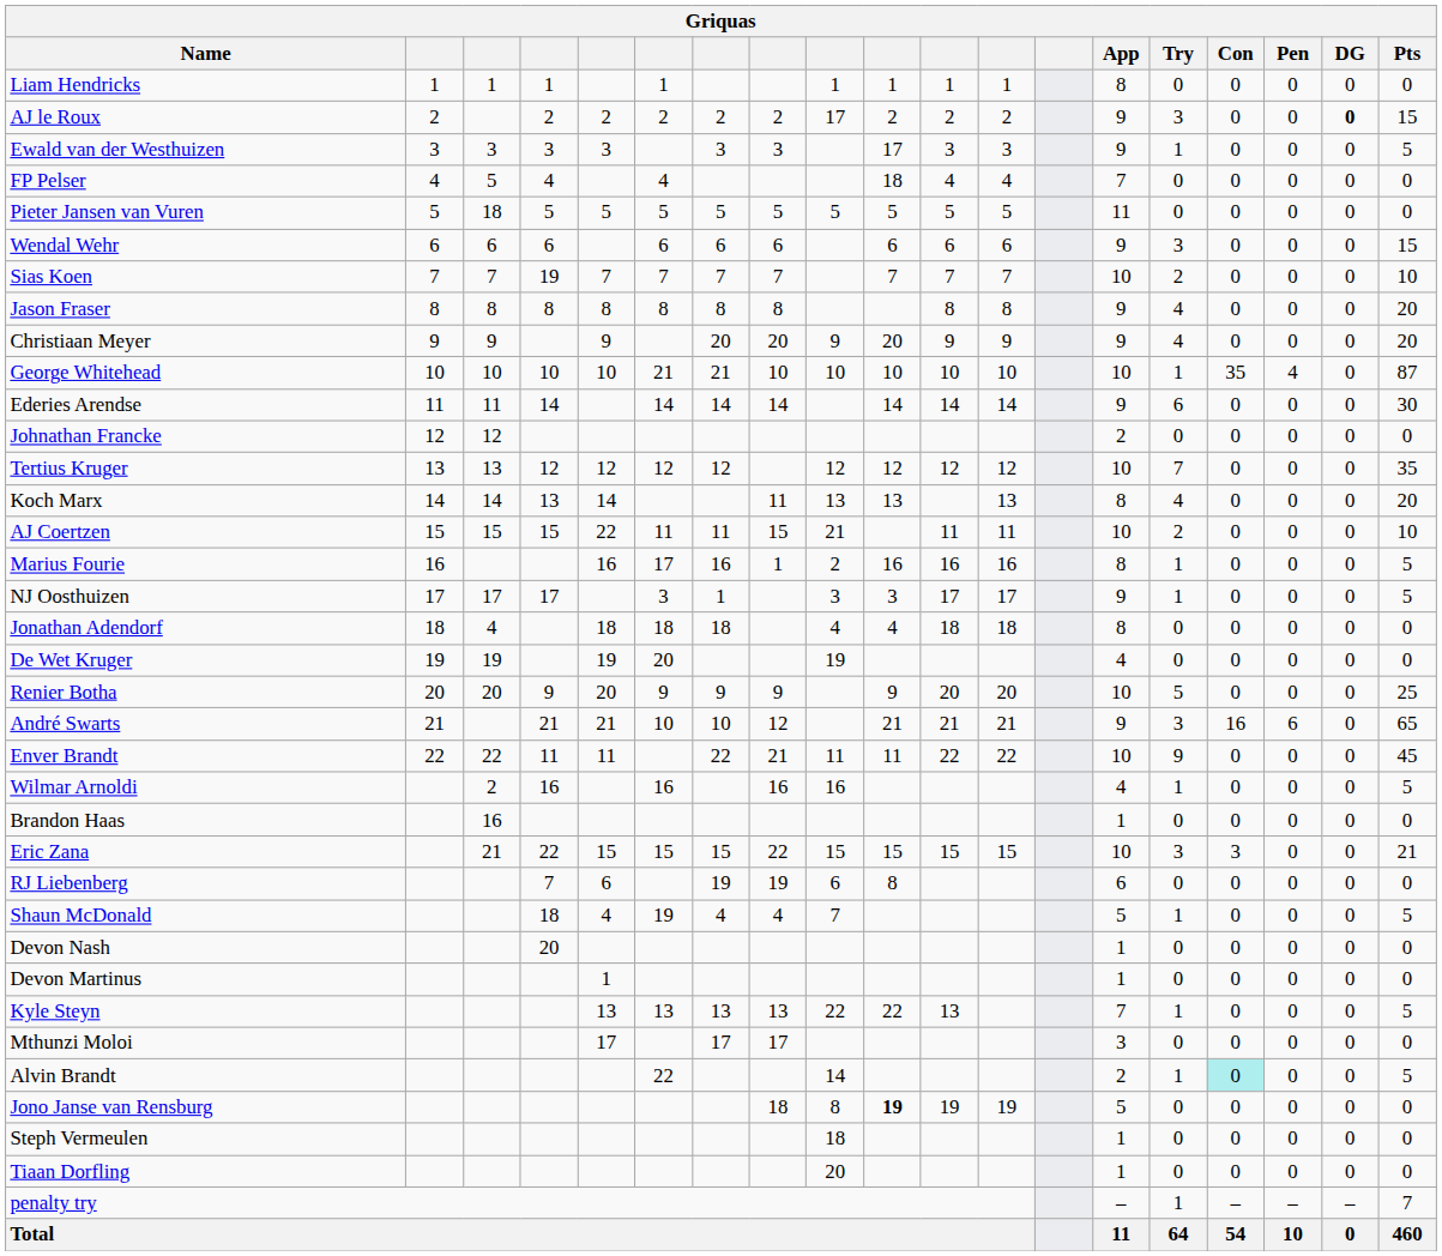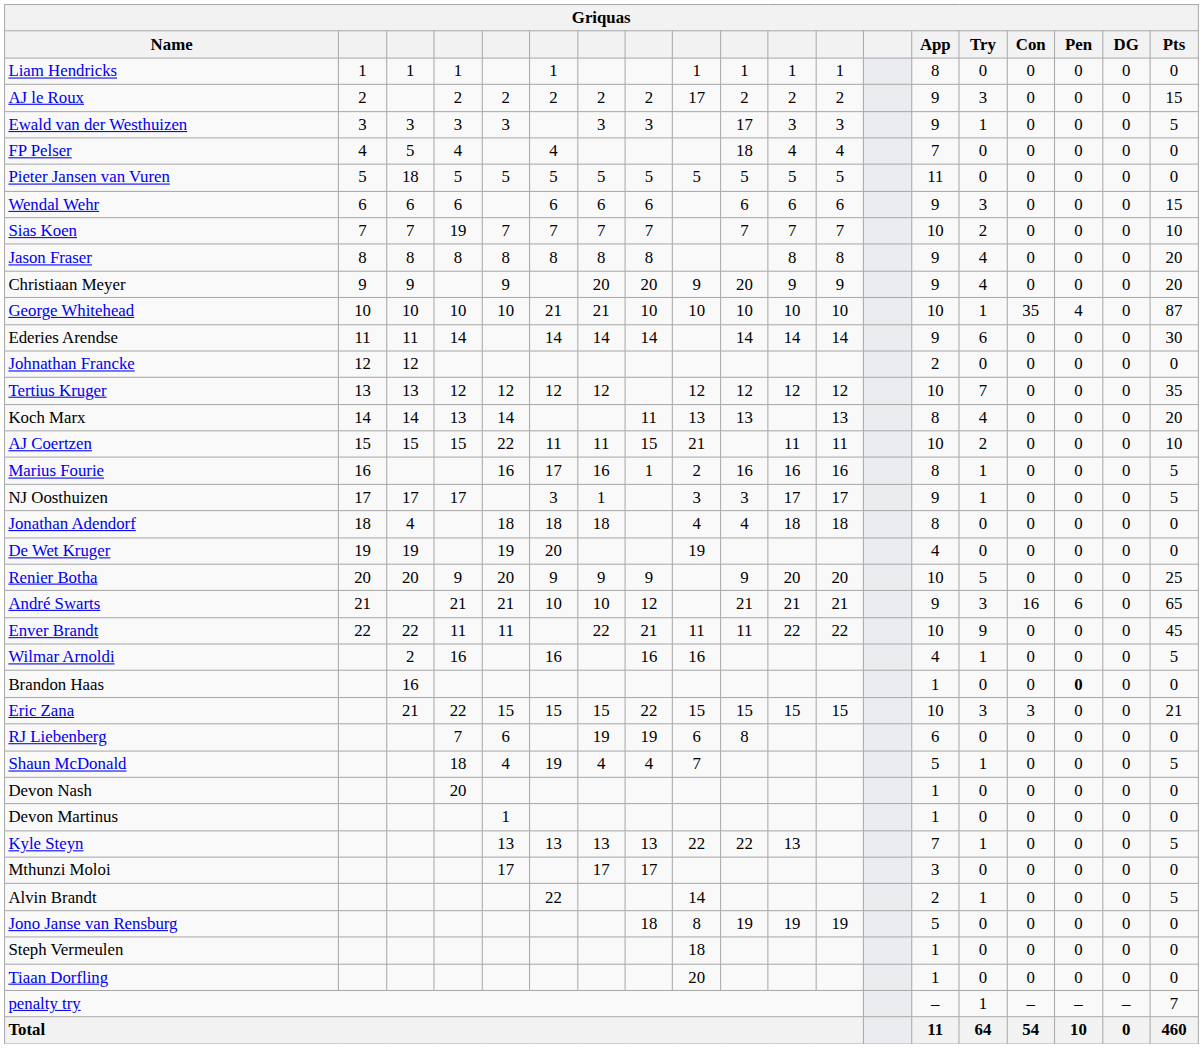 <table class="wikitable collapsible collapsed" style="text-align:center; font-size:100%; width:90%">
 <tr>
 <th colspan="100%">Griquas</th>
 </tr>
 <tr>
 <th style="width:28%;">Name</th>
 <th style="width:4%;"></th>
 <th style="width:4%;"></th>
 <th style="width:4%;"></th>
 <th style="width:4%;"></th>
 <th style="width:4%;"></th>
 <th style="width:4%;"></th>
 <th style="width:4%;"></th>
 <th style="width:4%;"></th>
 <th style="width:4%;"></th>
 <th style="width:4%;"></th>
 <th style="width:4%;"></th>
 <th style="width:4%;"></th>
 <th style="width:4%;">App</th>
 <th style="width:4%;">Try</th>
 <th style="width:4%;">Con</th>
 <th style="width:4%;">Pen</th>
 <th style="width:4%;">DG</th>
 <th style="width:4%;">Pts</th>
 </tr>
 <tr>
 <td style="text-align:left;"><a href='#'>Liam Hendricks</a></td>
 <td>1</td>
 <td>1</td>
 <td>1</td>
 <td></td>
 <td>1</td>
 <td></td>
 <td></td>
 <td>1</td>
 <td>1</td>
 <td>1</td>
 <td>1</td>
 <td style="background:#EBECF0;"></td>
 <td>8</td>
 <td>0</td>
 <td>0</td>
 <td>0</td>
 <td>0</td>
 <td>0</td>
 </tr>
 <tr>
 <td style="text-align:left;"><a href='#'>AJ le Roux</a></td>
 <td>2</td>
 <td></td>
 <td>2</td>
 <td>2</td>
 <td>2</td>
 <td>2</td>
 <td>2</td>
 <td>17</td>
 <td>2</td>
 <td>2</td>
 <td>2</td>
 <td style="background:#EBECF0;"></td>
 <td>9</td>
 <td>3</td>
 <td>0</td>
 <td>0</td>
-<td><strong>0</strong></td>
+<td>0</td>
 <td>15</td>
 </tr>
 <tr>
 <td style="text-align:left;"><a href='#'>Ewald van der Westhuizen</a></td>
 <td>3</td>
 <td>3</td>
 <td>3</td>
 <td>3</td>
 <td></td>
 <td>3</td>
 <td>3</td>
 <td></td>
 <td>17 </td>
 <td>3</td>
 <td>3</td>
 <td style="background:#EBECF0;"></td>
 <td>9</td>
 <td>1</td>
 <td>0</td>
 <td>0</td>
 <td>0</td>
 <td>5</td>
 </tr>
 <tr>
 <td style="text-align:left;"><a href='#'>FP Pelser</a></td>
 <td>4</td>
 <td>5</td>
 <td>4</td>
 <td></td>
 <td>4</td>
 <td></td>
 <td></td>
 <td></td>
 <td>18 </td>
 <td>4</td>
 <td>4</td>
 <td style="background:#EBECF0;"></td>
 <td>7</td>
 <td>0</td>
 <td>0</td>
 <td>0</td>
 <td>0</td>
 <td>0</td>
 </tr>
 <tr>
 <td style="text-align:left;"><a href='#'>Pieter Jansen van Vuren</a></td>
 <td>5</td>
 <td>18 </td>
 <td>5</td>
 <td>5</td>
 <td>5</td>
 <td>5</td>
 <td>5</td>
 <td>5</td>
 <td>5</td>
 <td>5</td>
 <td>5</td>
 <td style="background:#EBECF0;"></td>
 <td>11</td>
 <td>0</td>
 <td>0</td>
 <td>0</td>
 <td>0</td>
 <td>0</td>
 </tr>
 <tr>
 <td style="text-align:left;"><a href='#'>Wendal Wehr</a></td>
 <td>6</td>
 <td>6</td>
 <td>6</td>
 <td></td>
 <td>6</td>
 <td>6</td>
 <td>6</td>
 <td></td>
 <td>6</td>
 <td>6</td>
 <td>6</td>
 <td style="background:#EBECF0;"></td>
 <td>9</td>
 <td>3</td>
 <td>0</td>
 <td>0</td>
 <td>0</td>
 <td>15</td>
 </tr>
 <tr>
 <td style="text-align:left;"><a href='#'>Sias Koen</a></td>
 <td>7</td>
 <td>7</td>
 <td>19 </td>
 <td>7</td>
 <td>7</td>
 <td>7</td>
 <td>7</td>
 <td></td>
 <td>7</td>
 <td>7</td>
 <td>7</td>
 <td style="background:#EBECF0;"></td>
 <td>10</td>
 <td>2</td>
 <td>0</td>
 <td>0</td>
 <td>0</td>
 <td>10</td>
 </tr>
 <tr>
 <td style="text-align:left;"><a href='#'>Jason Fraser</a></td>
 <td>8</td>
 <td>8</td>
 <td>8</td>
 <td>8</td>
 <td>8</td>
 <td>8</td>
 <td>8</td>
 <td></td>
 <td></td>
 <td>8</td>
 <td>8</td>
 <td style="background:#EBECF0;"></td>
 <td>9</td>
 <td>4</td>
 <td>0</td>
 <td>0</td>
 <td>0</td>
 <td>20</td>
 </tr>
 <tr>
 <td style="text-align:left;">Christiaan Meyer</td>
 <td>9</td>
 <td>9</td>
 <td></td>
 <td>9</td>
 <td></td>
 <td>20 </td>
 <td>20 </td>
 <td>9</td>
 <td>20 </td>
 <td>9</td>
 <td>9</td>
 <td style="background:#EBECF0;"></td>
 <td>9</td>
 <td>4</td>
 <td>0</td>
 <td>0</td>
 <td>0</td>
 <td>20</td>
 </tr>
 <tr>
 <td style="text-align:left;"><a href='#'>George Whitehead</a></td>
 <td>10</td>
 <td>10</td>
 <td>10</td>
 <td>10</td>
 <td>21</td>
 <td>21 </td>
 <td>10</td>
 <td>10</td>
 <td>10</td>
 <td>10</td>
 <td>10</td>
 <td style="background:#EBECF0;"></td>
 <td>10</td>
 <td>1</td>
 <td>35</td>
 <td>4</td>
 <td>0</td>
 <td>87</td>
 </tr>
 <tr>
 <td style="text-align:left;">Ederies Arendse</td>
 <td>11</td>
 <td>11</td>
 <td>14</td>
 <td></td>
 <td>14</td>
 <td>14</td>
 <td>14</td>
 <td></td>
 <td>14</td>
 <td>14</td>
 <td>14</td>
 <td style="background:#EBECF0;"></td>
 <td>9</td>
 <td>6</td>
 <td>0</td>
 <td>0</td>
 <td>0</td>
 <td>30</td>
 </tr>
 <tr>
 <td style="text-align:left;"><a href='#'>Johnathan Francke</a></td>
 <td>12</td>
 <td>12</td>
 <td></td>
 <td></td>
 <td></td>
 <td></td>
 <td></td>
 <td></td>
 <td></td>
 <td></td>
 <td></td>
 <td style="background:#EBECF0;"></td>
 <td>2</td>
 <td>0</td>
 <td>0</td>
 <td>0</td>
 <td>0</td>
 <td>0</td>
 </tr>
 <tr>
 <td style="text-align:left;"><a href='#'>Tertius Kruger</a></td>
 <td>13</td>
 <td>13</td>
 <td>12</td>
 <td>12</td>
 <td>12</td>
 <td>12</td>
 <td></td>
 <td>12</td>
 <td>12</td>
 <td>12</td>
 <td>12</td>
 <td style="background:#EBECF0;"></td>
 <td>10</td>
 <td>7</td>
 <td>0</td>
 <td>0</td>
 <td>0</td>
 <td>35</td>
 </tr>
 <tr>
 <td style="text-align:left;">Koch Marx</td>
 <td>14</td>
 <td>14</td>
 <td>13</td>
 <td>14</td>
 <td></td>
 <td></td>
 <td>11</td>
 <td>13</td>
 <td>13</td>
 <td></td>
 <td>13</td>
 <td style="background:#EBECF0;"></td>
 <td>8</td>
 <td>4</td>
 <td>0</td>
 <td>0</td>
 <td>0</td>
 <td>20</td>
 </tr>
 <tr>
 <td style="text-align:left;"><a href='#'>AJ Coertzen</a></td>
 <td>15</td>
 <td>15</td>
 <td>15</td>
 <td>22 </td>
 <td>11</td>
 <td>11</td>
 <td>15</td>
 <td>21 </td>
 <td></td>
 <td>11</td>
 <td>11</td>
 <td style="background:#EBECF0;"></td>
 <td>10</td>
 <td>2</td>
 <td>0</td>
 <td>0</td>
 <td>0</td>
 <td>10</td>
 </tr>
 <tr>
 <td style="text-align:left;"><a href='#'>Marius Fourie</a></td>
 <td>16 </td>
 <td></td>
 <td></td>
 <td>16 </td>
 <td>17</td>
 <td>16 </td>
 <td>1</td>
 <td>2</td>
 <td>16 </td>
 <td>16 </td>
 <td>16 </td>
 <td style="background:#EBECF0;"></td>
 <td>8</td>
 <td>1</td>
 <td>0</td>
 <td>0</td>
 <td>0</td>
 <td>5</td>
 </tr>
 <tr>
 <td style="text-align:left;">NJ Oosthuizen</td>
 <td>17 </td>
 <td>17 </td>
 <td>17 </td>
 <td></td>
 <td>3</td>
 <td>1</td>
 <td></td>
 <td>3</td>
 <td>3</td>
 <td>17 </td>
 <td>17 </td>
 <td style="background:#EBECF0;"></td>
 <td>9</td>
 <td>1</td>
 <td>0</td>
 <td>0</td>
 <td>0</td>
 <td>5</td>
 </tr>
 <tr>
 <td style="text-align:left;"><a href='#'>Jonathan Adendorf</a></td>
 <td>18 </td>
 <td>4</td>
 <td></td>
 <td>18 </td>
 <td>18</td>
 <td>18 </td>
 <td></td>
 <td>4</td>
 <td>4</td>
 <td>18 </td>
 <td>18 </td>
 <td style="background:#EBECF0;"></td>
 <td>8</td>
 <td>0</td>
 <td>0</td>
 <td>0</td>
 <td>0</td>
 <td>0</td>
 </tr>
 <tr>
 <td style="text-align:left;"><a href='#'>De Wet Kruger</a></td>
 <td>19 </td>
 <td>19 </td>
 <td></td>
 <td>19 </td>
 <td>20</td>
 <td></td>
 <td></td>
 <td>19 </td>
 <td></td>
 <td></td>
 <td></td>
 <td style="background:#EBECF0;"></td>
 <td>4</td>
 <td>0</td>
 <td>0</td>
 <td>0</td>
 <td>0</td>
 <td>0</td>
 </tr>
 <tr>
 <td style="text-align:left;"><a href='#'>Renier Botha</a></td>
 <td>20 </td>
 <td>20 </td>
 <td>9</td>
 <td>20 </td>
 <td>9</td>
 <td>9</td>
 <td>9</td>
 <td></td>
 <td>9</td>
 <td>20 </td>
 <td>20 </td>
 <td style="background:#EBECF0;"></td>
 <td>10</td>
 <td>5</td>
 <td>0</td>
 <td>0</td>
 <td>0</td>
 <td>25</td>
 </tr>
 <tr>
 <td style="text-align:left;"><a href='#'>André Swarts</a></td>
 <td>21 </td>
 <td></td>
 <td>21 </td>
 <td>21 </td>
 <td>10</td>
 <td>10</td>
 <td>12</td>
 <td></td>
 <td>21 </td>
 <td>21 </td>
 <td>21 </td>
 <td style="background:#EBECF0;"></td>
 <td>9</td>
 <td>3</td>
 <td>16</td>
 <td>6</td>
 <td>0</td>
 <td>65</td>
 </tr>
 <tr>
 <td style="text-align:left;"><a href='#'>Enver Brandt</a></td>
 <td>22 </td>
 <td>22 </td>
 <td>11</td>
 <td>11</td>
 <td></td>
 <td>22 </td>
 <td>21 </td>
 <td>11</td>
 <td>11</td>
 <td>22 </td>
 <td>22 </td>
 <td style="background:#EBECF0;"></td>
 <td>10</td>
 <td>9</td>
 <td>0</td>
 <td>0</td>
 <td>0</td>
 <td>45</td>
 </tr>
 <tr>
 <td style="text-align:left;"><a href='#'>Wilmar Arnoldi</a></td>
 <td></td>
 <td>2</td>
 <td>16 </td>
 <td></td>
 <td>16</td>
 <td></td>
 <td>16 </td>
 <td>16 </td>
 <td></td>
 <td></td>
 <td></td>
 <td style="background:#EBECF0;"></td>
 <td>4</td>
 <td>1</td>
 <td>0</td>
 <td>0</td>
 <td>0</td>
 <td>5</td>
 </tr>
 <tr>
 <td style="text-align:left;">Brandon Haas</td>
 <td></td>
 <td>16 </td>
 <td></td>
 <td></td>
 <td></td>
 <td></td>
 <td></td>
 <td></td>
 <td></td>
 <td></td>
 <td></td>
 <td style="background:#EBECF0;"></td>
 <td>1</td>
 <td>0</td>
 <td>0</td>
-<td>0</td>
+<td><strong>0</strong></td>
 <td>0</td>
 <td>0</td>
 </tr>
 <tr>
 <td style="text-align:left;"><a href='#'>Eric Zana</a></td>
 <td></td>
 <td>21 </td>
 <td>22 </td>
 <td>15</td>
 <td>15</td>
 <td>15</td>
 <td>22 </td>
 <td>15</td>
 <td>15</td>
 <td>15</td>
 <td>15</td>
 <td style="background:#EBECF0;"></td>
 <td>10</td>
 <td>3</td>
 <td>3</td>
 <td>0</td>
 <td>0</td>
 <td>21</td>
 </tr>
 <tr>
 <td style="text-align:left;"><a href='#'>RJ Liebenberg</a></td>
 <td></td>
 <td></td>
 <td>7</td>
 <td>6</td>
 <td></td>
 <td>19 </td>
 <td>19 </td>
 <td>6</td>
 <td>8</td>
 <td></td>
 <td></td>
 <td style="background:#EBECF0;"></td>
 <td>6</td>
 <td>0</td>
 <td>0</td>
 <td>0</td>
 <td>0</td>
 <td>0</td>
 </tr>
 <tr>
 <td style="text-align:left;"><a href='#'>Shaun McDonald</a></td>
 <td></td>
 <td></td>
 <td>18 </td>
 <td>4</td>
 <td>19</td>
 <td>4</td>
 <td>4</td>
 <td>7</td>
 <td></td>
 <td></td>
 <td></td>
 <td style="background:#EBECF0;"></td>
 <td>5</td>
 <td>1</td>
 <td>0</td>
 <td>0</td>
 <td>0</td>
 <td>5</td>
 </tr>
 <tr>
 <td style="text-align:left;">Devon Nash</td>
 <td></td>
 <td></td>
 <td>20 </td>
 <td></td>
 <td></td>
 <td></td>
 <td></td>
 <td></td>
 <td></td>
 <td></td>
 <td></td>
 <td style="background:#EBECF0;"></td>
 <td>1</td>
 <td>0</td>
 <td>0</td>
 <td>0</td>
 <td>0</td>
 <td>0</td>
 </tr>
 <tr>
 <td style="text-align:left;">Devon Martinus</td>
 <td></td>
 <td></td>
 <td></td>
 <td>1</td>
 <td></td>
 <td></td>
 <td></td>
 <td></td>
 <td></td>
 <td></td>
 <td></td>
 <td style="background:#EBECF0;"></td>
 <td>1</td>
 <td>0</td>
 <td>0</td>
 <td>0</td>
 <td>0</td>
 <td>0</td>
 </tr>
 <tr>
 <td style="text-align:left;"><a href='#'>Kyle Steyn</a></td>
 <td></td>
 <td></td>
 <td></td>
 <td>13</td>
 <td>13</td>
 <td>13</td>
 <td>13</td>
 <td>22 </td>
 <td>22 </td>
 <td>13</td>
 <td></td>
 <td style="background:#EBECF0;"></td>
 <td>7</td>
 <td>1</td>
 <td>0</td>
 <td>0</td>
 <td>0</td>
 <td>5</td>
 </tr>
 <tr>
 <td style="text-align:left;">Mthunzi Moloi</td>
 <td></td>
 <td></td>
 <td></td>
 <td>17 </td>
 <td></td>
 <td>17 </td>
 <td>17 </td>
 <td></td>
 <td></td>
 <td></td>
 <td></td>
 <td style="background:#EBECF0;"></td>
 <td>3</td>
 <td>0</td>
 <td>0</td>
 <td>0</td>
 <td>0</td>
 <td>0</td>
 </tr>
 <tr>
 <td style="text-align:left;">Alvin Brandt</td>
 <td></td>
 <td></td>
 <td></td>
 <td></td>
 <td>22 </td>
 <td></td>
 <td></td>
 <td>14</td>
 <td></td>
 <td></td>
 <td></td>
 <td style="background:#EBECF0;"></td>
 <td>2</td>
 <td>1</td>
-<td style="background: paleturquoise;">0</td>
+<td>0</td>
 <td>0</td>
 <td>0</td>
 <td>5</td>
 </tr>
 <tr>
 <td style="text-align:left;"><a href='#'>Jono Janse van Rensburg</a></td>
 <td></td>
 <td></td>
 <td></td>
 <td></td>
 <td></td>
 <td></td>
 <td>18 </td>
 <td>8</td>
-<td><strong>19 </strong></td>
+<td>19 </td>
 <td>19 </td>
 <td>19 </td>
 <td style="background:#EBECF0;"></td>
 <td>5</td>
 <td>0</td>
 <td>0</td>
 <td>0</td>
 <td>0</td>
 <td>0</td>
 </tr>
 <tr>
 <td style="text-align:left;">Steph Vermeulen</td>
 <td></td>
 <td></td>
 <td></td>
 <td></td>
 <td></td>
 <td></td>
 <td></td>
 <td>18 </td>
 <td></td>
 <td></td>
 <td></td>
 <td style="background:#EBECF0;"></td>
 <td>1</td>
 <td>0</td>
 <td>0</td>
 <td>0</td>
 <td>0</td>
 <td>0</td>
 </tr>
 <tr>
 <td style="text-align:left;"><a href='#'>Tiaan Dorfling</a></td>
 <td></td>
 <td></td>
 <td></td>
 <td></td>
 <td></td>
 <td></td>
 <td></td>
 <td>20 </td>
 <td></td>
 <td></td>
 <td></td>
 <td style="background:#EBECF0;"></td>
 <td>1</td>
 <td>0</td>
 <td>0</td>
 <td>0</td>
 <td>0</td>
 <td>0</td>
 </tr>
 <tr>
 <td colspan="12" style="text-align:left;"><a href='#'>penalty try</a></td>
 <td style="background:#EBECF0;"></td>
 <td>–</td>
 <td>1</td>
 <td>–</td>
 <td>–</td>
 <td>–</td>
 <td>7</td>
 </tr>
 <tr>
 <th colspan="12" style="text-align:left;">Total</th>
 <th style="background:#EBECF0;"></th>
 <th>11</th>
 <th>64</th>
 <th>54</th>
 <th>10</th>
 <th>0</th>
 <th>460</th>
 </tr>
 </table>
